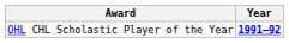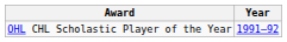 <table class="wikitable">
 <tr>
 <th>Award</th>
 <th>Year</th>
 </tr>
 <tr>
 <td><a href='#'>OHL</a>  CHL Scholastic Player of the Year</td>
-<td><strong><a href='#'>1991–92</a></strong></td>
+<td><a href='#'>1991–92</a></td>
 </tr>
 </table>
